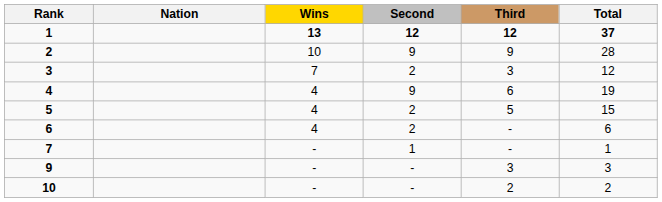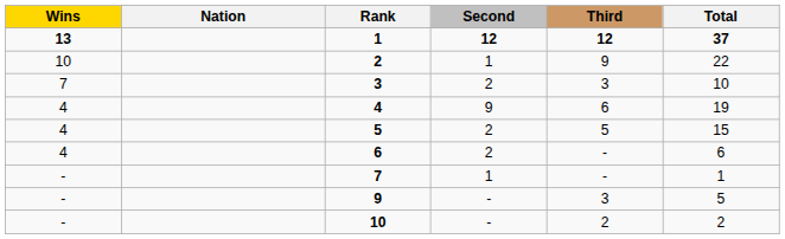 <table class="wikitable collapsible autocollapse plainrowheaders" width=68% style="text-align:center;">
 <tr style="background-color:#EDEDED;">
+<th style="background:    gold; width:15%">Wins</th>
+<th width=200px class="hintergrundfarbe6">Nation</th>
 <th width=100px class="hintergrundfarbe5">Rank</th>
-<th width=200px class="hintergrundfarbe6">Nation</th>
-<th style="background:    gold; width:15%">Wins</th>
 <th style="background:  silver; width:15%">Second</th>
 <th style="background: #CC9966; width:15%">Third</th>
 <th class="hintergrundfarbe6" style="width:15%">Total</th>
 </tr>
 <tr>
+<td><strong>13</strong></td>
+<td style="text-align:left"></td>
 <td><strong>1</strong></td>
-<td style="text-align:left"></td>
-<td><strong>13</strong></td>
 <td><strong>12</strong></td>
 <td><strong>12</strong></td>
 <td><strong>37</strong></td>
 </tr>
 <tr>
+<td>10</td>
+<td style="text-align:left"></td>
 <td><strong>2</strong></td>
-<td style="text-align:left"></td>
-<td>10</td>
+<td>1</td>
 <td>9</td>
-<td>9</td>
-<td>28</td>
+<td>22</td>
 </tr>
 <tr>
+<td>7</td>
+<td style="text-align:left"></td>
 <td><strong>3</strong></td>
-<td style="text-align:left"></td>
-<td>7</td>
 <td>2</td>
 <td>3</td>
-<td>12</td>
+<td>10</td>
 </tr>
 <tr>
+<td>4</td>
+<td style="text-align:left"></td>
 <td><strong>4</strong></td>
-<td style="text-align:left"></td>
-<td>4</td>
 <td>9</td>
 <td>6</td>
 <td>19</td>
 </tr>
 <tr>
+<td>4</td>
+<td style="text-align:left"></td>
 <td><strong>5</strong></td>
-<td style="text-align:left"></td>
-<td>4</td>
 <td>2</td>
 <td>5</td>
 <td>15</td>
 </tr>
 <tr>
+<td>4</td>
+<td style="text-align:left"></td>
 <td><strong>6</strong></td>
-<td style="text-align:left"></td>
-<td>4</td>
 <td>2</td>
 <td>-</td>
 <td>6</td>
 </tr>
 <tr>
+<td>-</td>
+<td style="text-align:left"><em></em><br><em></em></td>
 <td><strong>7</strong></td>
-<td style="text-align:left"><em></em><br><em></em></td>
-<td>-</td>
 <td>1</td>
 <td>-</td>
 <td>1</td>
 </tr>
 <tr>
+<td>-</td>
+<td style="text-align:left">  </td>
 <td><strong>9</strong></td>
-<td style="text-align:left">  </td>
-<td>-</td>
 <td>-</td>
 <td>3</td>
-<td>3</td>
+<td>5</td>
 </tr>
 <tr>
+<td>-</td>
+<td style="text-align:left"><br></td>
 <td><strong>10</strong></td>
-<td style="text-align:left"><br></td>
-<td>-</td>
 <td>-</td>
 <td>2</td>
 <td>2</td>
 </tr>
 </table>
